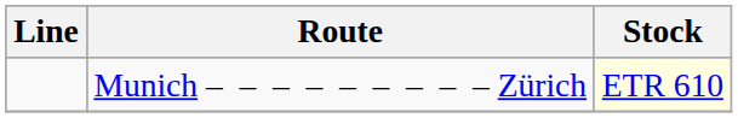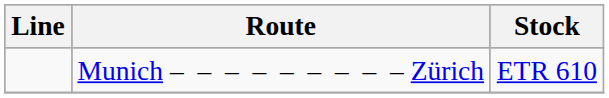 <table class="wikitable">
 <tr>
 <th>Line</th>
 <th>Route</th>
 <th>Stock</th>
 </tr>
 <tr>
 <td></td>
 <td><a href='#'>Munich</a> –  –  –  –  –  –  –  –  – <a href='#'>Zürich</a></td>
-<td style="background: lightyellow;"><a href='#'>ETR 610</a></td>
+<td><a href='#'>ETR 610</a></td>
 </tr>
 <tr>
 </tr>
 </table>
